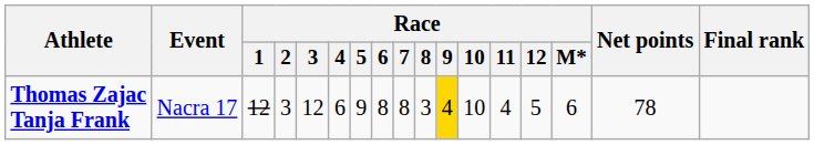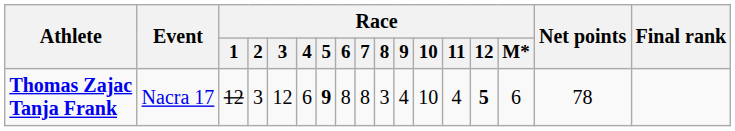 <table class="wikitable" style="font-size:90%">
 <tr>
 <th rowspan="2">Athlete</th>
 <th rowspan="2">Event</th>
 <th colspan=13>Race</th>
 <th rowspan=2>Net points</th>
 <th rowspan=2>Final rank</th>
 </tr>
 <tr style="font-size:95%">
 <th>1</th>
 <th>2</th>
 <th>3</th>
 <th>4</th>
 <th>5</th>
 <th>6</th>
 <th>7</th>
 <th>8</th>
 <th>9</th>
 <th>10</th>
 <th>11</th>
 <th>12</th>
 <th>M*</th>
 </tr>
 <tr align=center>
 <td align=left><strong><a href='#'>Thomas Zajac</a><br><a href='#'>Tanja Frank</a></strong></td>
 <td align=left><a href='#'>Nacra 17</a></td>
 <td><s>12</s></td>
 <td>3</td>
 <td>12</td>
 <td>6</td>
-<td>9</td>
+<td><strong>9</strong></td>
 <td>8</td>
 <td>8</td>
 <td>3</td>
-<td style="background: gold;">4</td>
+<td>4</td>
 <td>10</td>
 <td>4</td>
-<td>5</td>
+<td><strong>5</strong></td>
 <td>6</td>
 <td>78</td>
 <td></td>
 </tr>
 </table>
